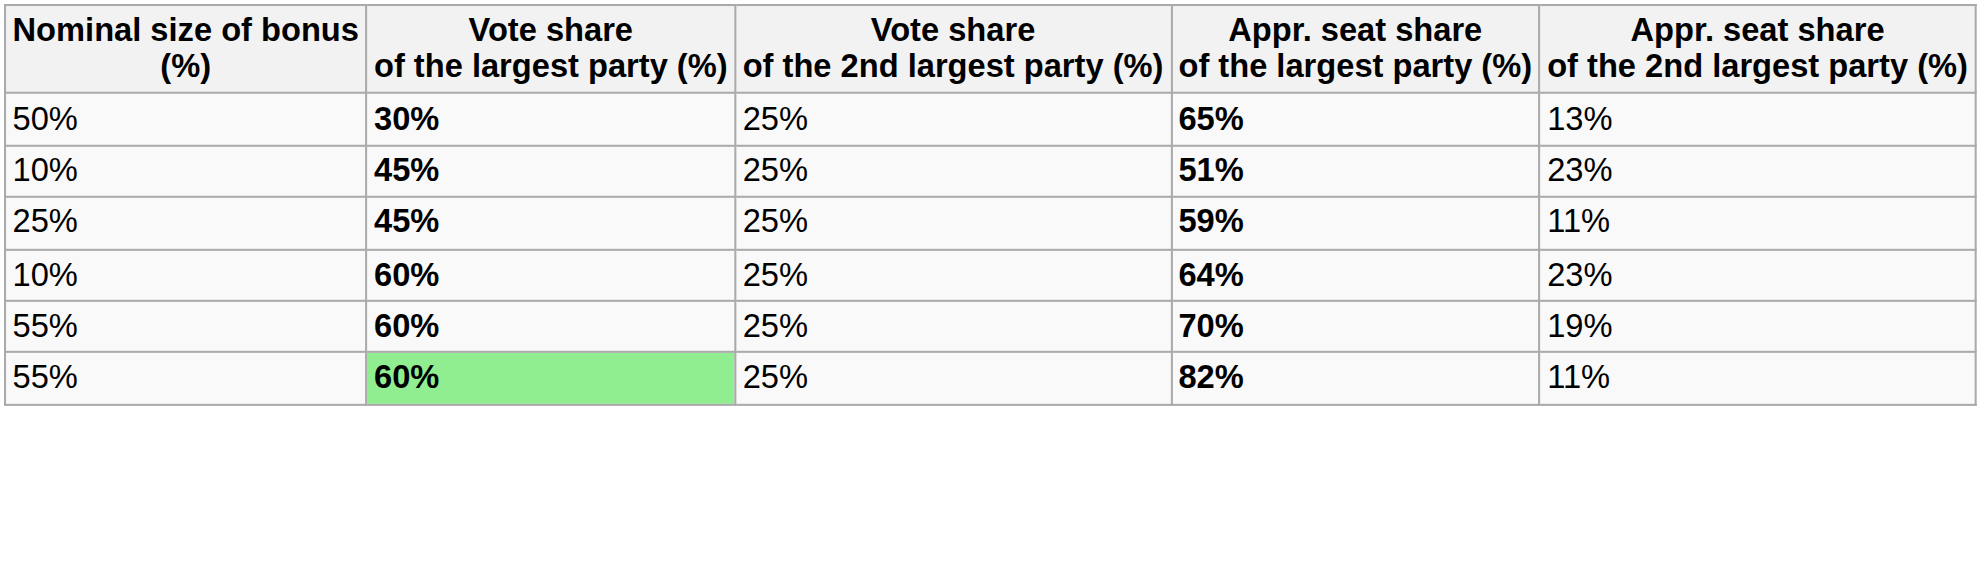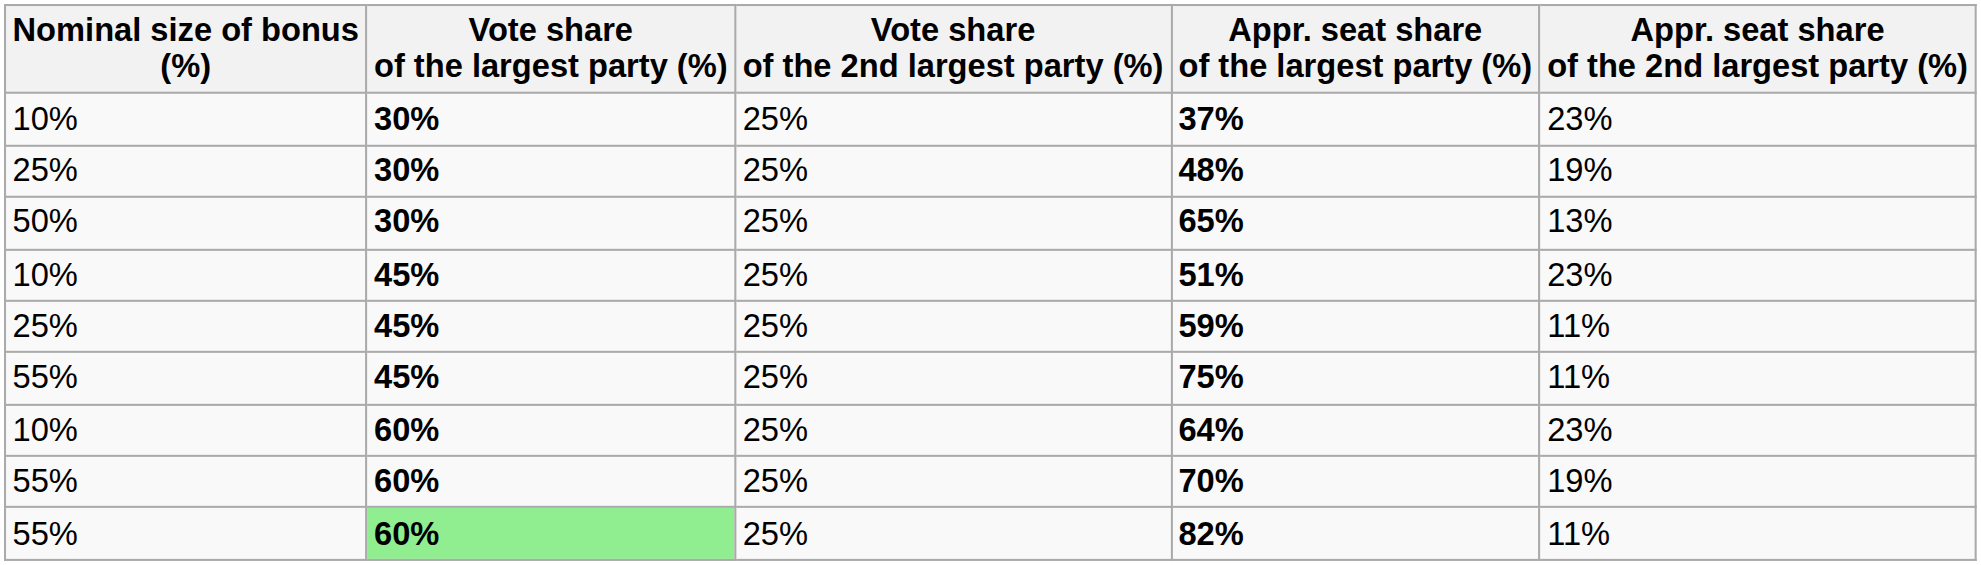 <table class="wikitable">
 <tr>
 <th>Nominal size of bonus<br>(%)</th>
 <th>Vote share<br>of the largest party (%)</th>
 <th>Vote share<br>of the 2nd largest party (%)</th>
 <th>Appr. seat share<br>of the largest party (%)</th>
 <th>Appr. seat share<br>of the 2nd largest party (%)</th>
+</tr>
+<tr>
+<td>10%</td>
+<td><strong>30%</strong></td>
+<td>25%</td>
+<td><strong>37%</strong></td>
+<td>23%</td>
+</tr>
+<tr>
+<td>25%</td>
+<td><strong>30%</strong></td>
+<td>25%</td>
+<td><strong>48%</strong></td>
+<td>19%</td>
 </tr>
 <tr>
 <td>50%</td>
 <td><strong>30%</strong></td>
 <td>25%</td>
 <td><strong>65%</strong></td>
 <td>13%</td>
 </tr>
 <tr>
 <td>10%</td>
 <td><strong>45%</strong></td>
 <td>25%</td>
 <td><strong>51%</strong></td>
 <td>23%</td>
 </tr>
 <tr>
 <td>25%</td>
 <td><strong>45%</strong></td>
 <td>25%</td>
 <td><strong>59%</strong></td>
+<td>11%</td>
+</tr>
+<tr>
+<td>55%</td>
+<td><strong>45%</strong></td>
+<td>25%</td>
+<td><strong>75%</strong></td>
 <td>11%</td>
 </tr>
 <tr>
 <td>10%</td>
 <td><strong>60%</strong></td>
 <td>25%</td>
 <td><strong>64%</strong></td>
 <td>23%</td>
 </tr>
 <tr>
 <td>55%</td>
 <td><strong>60%</strong></td>
 <td>25%</td>
 <td><strong>70%</strong></td>
 <td>19%</td>
 </tr>
 <tr>
 <td>55%</td>
 <td style="background: lightgreen;"><strong>60%</strong></td>
 <td>25%</td>
 <td><strong>82%</strong></td>
 <td>11%</td>
 </tr>
 </table>
